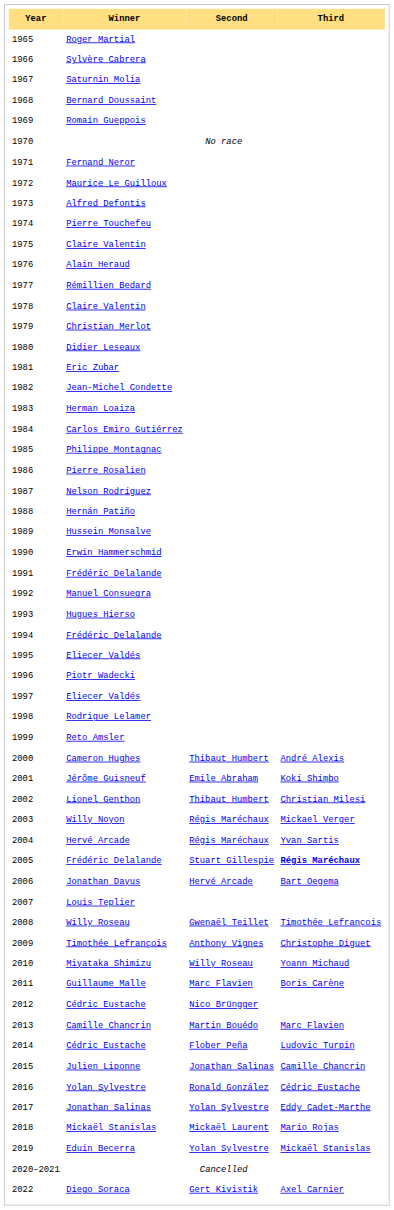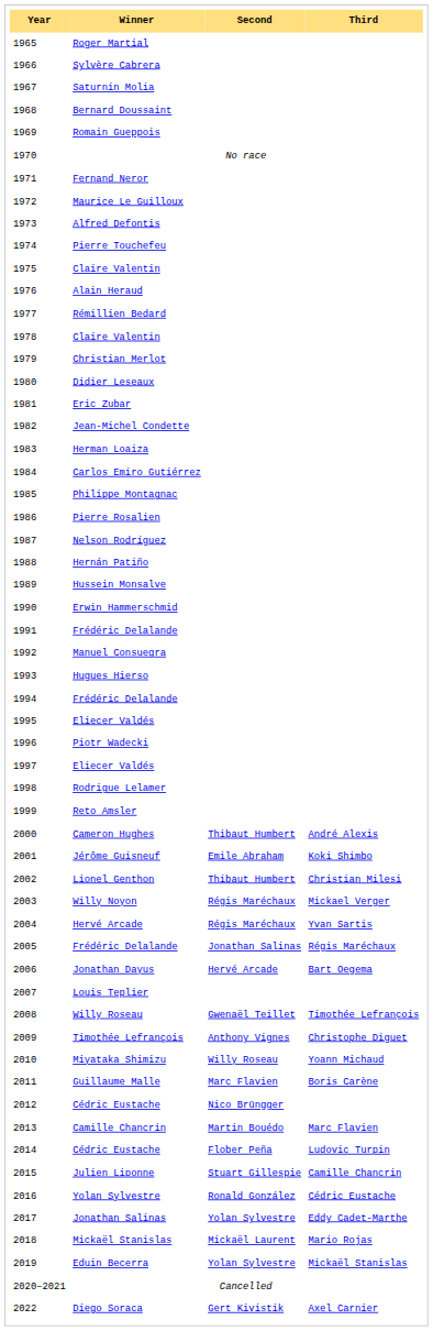 <table cellpadding="4" cellspacing="0"  style="border: 1px solid silver; color: black; margin: 0 0 0.5em 0; background-color: white; padding: 5px; text-align: left; font-size:85%; vertical-align: top; line-height:1.6em;">
 <tr>
 <th scope=col; align="center" bgcolor="FFDF80">Year</th>
 <th scope=col; align="center" bgcolor="FFDF80">Winner</th>
 <th scope=col; align="center" bgcolor="FFDF80">Second</th>
 <th scope=col; align="center" bgcolor="FFDF80">Third</th>
 </tr>
 <tr>
 <td>1965</td>
 <td> <a href='#'>Roger Martial</a></td>
 <td></td>
 <td></td>
 </tr>
 <tr>
 <td>1966</td>
 <td> <a href='#'>Sylvère Cabrera</a></td>
 <td></td>
 <td></td>
 </tr>
 <tr>
 <td>1967</td>
 <td> <a href='#'>Saturnin Molia</a></td>
 <td></td>
 <td></td>
 </tr>
 <tr>
 <td>1968</td>
 <td> <a href='#'>Bernard Doussaint</a></td>
 <td></td>
 <td></td>
 </tr>
 <tr>
 <td>1969</td>
 <td> <a href='#'>Romain Gueppois</a></td>
 <td></td>
 <td></td>
 </tr>
 <tr>
 <td>1970</td>
 <td align=center colspan=4><em>No race</em></td>
 </tr>
 <tr>
 <td>1971</td>
 <td> <a href='#'>Fernand Neror</a></td>
 <td></td>
 <td></td>
 </tr>
 <tr>
 <td>1972</td>
 <td> <a href='#'>Maurice Le Guilloux</a></td>
 <td></td>
 <td></td>
 </tr>
 <tr>
 <td>1973</td>
 <td> <a href='#'>Alfred Defontis</a></td>
 <td></td>
 <td></td>
 </tr>
 <tr>
 <td>1974</td>
 <td> <a href='#'>Pierre Touchefeu</a></td>
 <td></td>
 <td></td>
 </tr>
 <tr>
 <td>1975</td>
 <td> <a href='#'>Claire Valentin</a></td>
 <td></td>
 <td></td>
 </tr>
 <tr>
 <td>1976</td>
 <td> <a href='#'>Alain Heraud</a></td>
 <td></td>
 <td></td>
 </tr>
 <tr>
 <td>1977</td>
 <td> <a href='#'>Rémillien Bedard</a></td>
 <td></td>
 <td></td>
 </tr>
 <tr>
 <td>1978</td>
 <td> <a href='#'>Claire Valentin</a></td>
 <td></td>
 <td></td>
 </tr>
 <tr>
 <td>1979</td>
 <td> <a href='#'>Christian Merlot</a></td>
 <td></td>
 <td></td>
 </tr>
 <tr>
 <td>1980</td>
 <td> <a href='#'>Didier Leseaux</a></td>
 <td></td>
 <td></td>
 </tr>
 <tr>
 <td>1981</td>
 <td> <a href='#'>Eric Zubar</a></td>
 <td></td>
 <td></td>
 </tr>
 <tr>
 <td>1982</td>
 <td> <a href='#'>Jean-Michel Condette</a></td>
 <td></td>
 <td></td>
 </tr>
 <tr>
 <td>1983</td>
 <td> <a href='#'>Herman Loaiza</a></td>
 <td></td>
 <td></td>
 </tr>
 <tr>
 <td>1984</td>
 <td> <a href='#'>Carlos Emiro Gutiérrez</a></td>
 <td></td>
 <td></td>
 </tr>
 <tr>
 <td>1985</td>
 <td> <a href='#'>Philippe Montagnac</a></td>
 <td></td>
 <td></td>
 </tr>
 <tr>
 <td>1986</td>
 <td> <a href='#'>Pierre Rosalien</a></td>
 <td></td>
 <td></td>
 </tr>
 <tr>
 <td>1987</td>
 <td> <a href='#'>Nelson Rodríguez</a></td>
 <td></td>
 <td></td>
 </tr>
 <tr>
 <td>1988</td>
 <td> <a href='#'>Hernán Patiño</a></td>
 <td></td>
 <td></td>
 </tr>
 <tr>
 <td>1989</td>
 <td> <a href='#'>Hussein Monsalve</a></td>
 <td></td>
 <td></td>
 </tr>
 <tr>
 <td>1990</td>
 <td> <a href='#'>Erwin Hammerschmid</a></td>
 <td></td>
 <td></td>
 </tr>
 <tr>
 <td>1991</td>
 <td> <a href='#'>Frédéric Delalande</a></td>
 <td></td>
 <td></td>
 </tr>
 <tr>
 <td>1992</td>
 <td> <a href='#'>Manuel Consuegra</a></td>
 <td></td>
 <td></td>
 </tr>
 <tr>
 <td>1993</td>
 <td> <a href='#'>Hugues Hierso</a></td>
 <td></td>
 <td></td>
 </tr>
 <tr>
 <td>1994</td>
 <td> <a href='#'>Frédéric Delalande</a></td>
 <td></td>
 <td></td>
 </tr>
 <tr>
 <td>1995</td>
 <td> <a href='#'>Eliecer Valdés</a></td>
 <td></td>
 <td></td>
 </tr>
 <tr>
 <td>1996</td>
 <td> <a href='#'>Piotr Wadecki</a></td>
 <td></td>
 <td></td>
 </tr>
 <tr>
 <td>1997</td>
 <td> <a href='#'>Eliecer Valdés</a></td>
 <td></td>
 <td></td>
 </tr>
 <tr>
 <td>1998</td>
 <td> <a href='#'>Rodrigue Lelamer</a></td>
 <td></td>
 <td></td>
 </tr>
 <tr>
 <td>1999</td>
 <td> <a href='#'>Reto Amsler</a></td>
 <td></td>
 <td></td>
 </tr>
 <tr>
 <td>2000</td>
 <td> <a href='#'>Cameron Hughes</a></td>
 <td> <a href='#'>Thibaut Humbert</a></td>
 <td> <a href='#'>André Alexis</a></td>
 </tr>
 <tr>
 <td>2001</td>
 <td> <a href='#'>Jérôme Guisneuf</a></td>
 <td> <a href='#'>Emile Abraham</a></td>
 <td> <a href='#'>Koki Shimbo</a></td>
 </tr>
 <tr>
 <td>2002</td>
 <td> <a href='#'>Lionel Genthon</a></td>
 <td> <a href='#'>Thibaut Humbert</a></td>
 <td> <a href='#'>Christian Milesi</a></td>
 </tr>
 <tr>
 <td>2003</td>
 <td> <a href='#'>Willy Noyon</a></td>
 <td> <a href='#'>Régis Maréchaux</a></td>
 <td> <a href='#'>Mickael Verger</a></td>
 </tr>
 <tr>
 <td>2004</td>
 <td> <a href='#'>Hervé Arcade</a></td>
 <td> <a href='#'>Régis Maréchaux</a></td>
 <td> <a href='#'>Yvan Sartis</a></td>
 </tr>
 <tr>
 <td>2005</td>
 <td> <a href='#'>Frédéric Delalande</a></td>
-<td> <a href='#'>Stuart Gillespie</a></td>
-<td><strong> <a href='#'>Régis Maréchaux</a></strong></td>
+<td> <a href='#'>Jonathan Salinas</a></td>
+<td> <a href='#'>Régis Maréchaux</a></td>
 </tr>
 <tr>
 <td>2006</td>
 <td> <a href='#'>Jonathan Dayus</a></td>
 <td> <a href='#'>Hervé Arcade</a></td>
 <td> <a href='#'>Bart Oegema</a></td>
 </tr>
 <tr>
 <td>2007</td>
 <td> <a href='#'>Louis Teplier</a></td>
 <td></td>
 <td></td>
 </tr>
 <tr>
 <td>2008</td>
 <td> <a href='#'>Willy Roseau</a></td>
 <td> <a href='#'>Gwenaël Teillet</a></td>
 <td> <a href='#'>Timothée Lefrançois</a></td>
 </tr>
 <tr>
 <td>2009</td>
 <td> <a href='#'>Timothée Lefrançois</a></td>
 <td> <a href='#'>Anthony Vignes</a></td>
 <td> <a href='#'>Christophe Diguet</a></td>
 </tr>
 <tr>
 <td>2010</td>
 <td> <a href='#'>Miyataka Shimizu</a></td>
 <td> <a href='#'>Willy Roseau</a></td>
 <td> <a href='#'>Yoann Michaud</a></td>
 </tr>
 <tr>
 <td>2011</td>
 <td> <a href='#'>Guillaume Malle</a></td>
 <td> <a href='#'>Marc Flavien</a></td>
 <td> <a href='#'>Boris Carène</a></td>
 </tr>
 <tr>
 <td>2012</td>
 <td> <a href='#'>Cédric Eustache</a></td>
 <td> <a href='#'>Nico Brüngger</a></td>
 <td></td>
 </tr>
 <tr>
 <td>2013</td>
 <td> <a href='#'>Camille Chancrin</a></td>
 <td> <a href='#'>Martin Bouédo</a></td>
 <td> <a href='#'>Marc Flavien</a></td>
 </tr>
 <tr>
 <td>2014</td>
 <td> <a href='#'>Cédric Eustache</a></td>
 <td> <a href='#'>Flober Peña</a></td>
 <td> <a href='#'>Ludovic Turpin</a></td>
 </tr>
 <tr>
 <td>2015</td>
 <td> <a href='#'>Julien Liponne</a></td>
-<td> <a href='#'>Jonathan Salinas</a></td>
+<td> <a href='#'>Stuart Gillespie</a></td>
 <td> <a href='#'>Camille Chancrin</a></td>
 </tr>
 <tr>
 <td>2016</td>
 <td> <a href='#'>Yolan Sylvestre</a></td>
 <td> <a href='#'>Ronald González</a></td>
 <td> <a href='#'>Cédric Eustache</a></td>
 </tr>
 <tr>
 <td>2017</td>
 <td> <a href='#'>Jonathan Salinas</a></td>
 <td> <a href='#'>Yolan Sylvestre</a></td>
 <td> <a href='#'>Eddy Cadet-Marthe</a></td>
 </tr>
 <tr>
 <td>2018</td>
 <td> <a href='#'>Mickaël Stanislas</a></td>
 <td> <a href='#'>Mickaël Laurent</a></td>
 <td> <a href='#'>Mario Rojas</a></td>
 </tr>
 <tr>
 <td>2019</td>
 <td> <a href='#'>Eduin Becerra</a></td>
 <td> <a href='#'>Yolan Sylvestre</a></td>
 <td> <a href='#'>Mickaël Stanislas</a></td>
 </tr>
 <tr>
 <td>2020–2021</td>
 <td align=center colspan=4><em>Cancelled</em></td>
 </tr>
 <tr>
 <td>2022</td>
 <td> <a href='#'>Diego Soraca</a></td>
 <td> <a href='#'>Gert Kivistik</a></td>
 <td> <a href='#'>Axel Carnier</a></td>
 </tr>
 </table>
